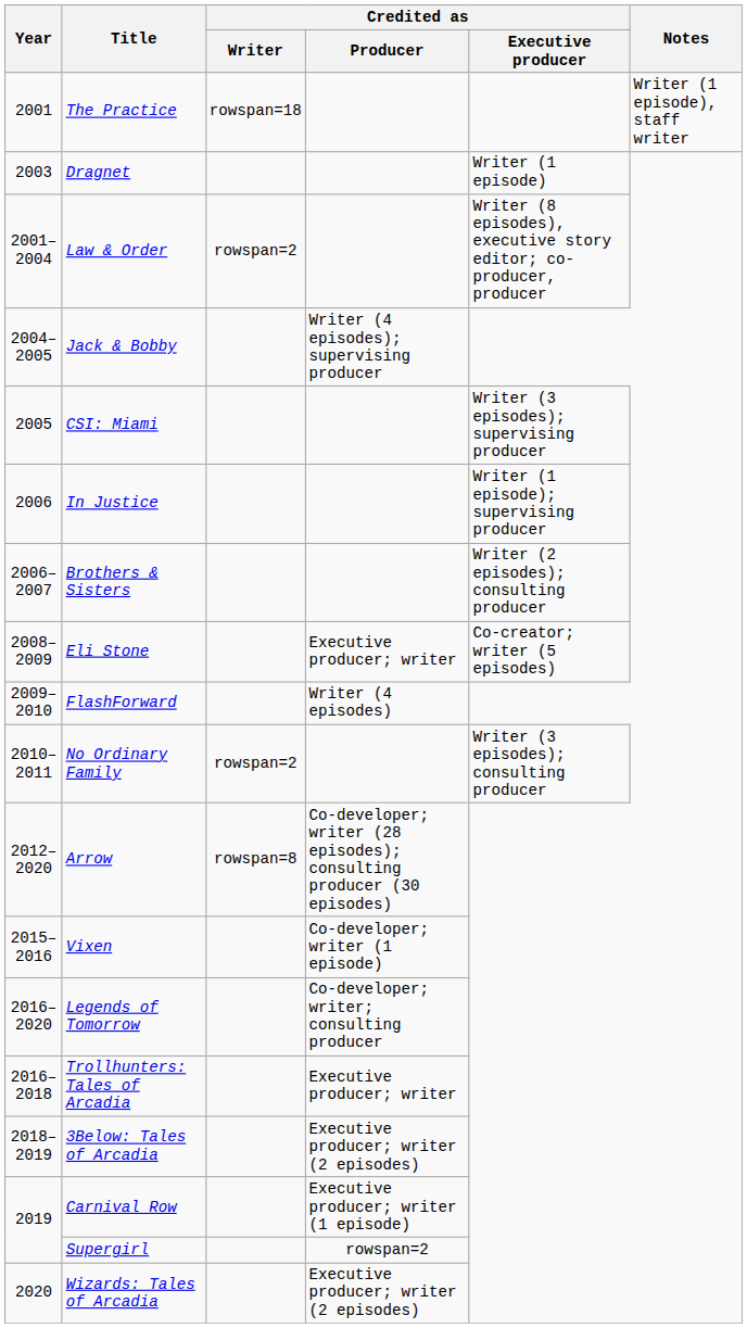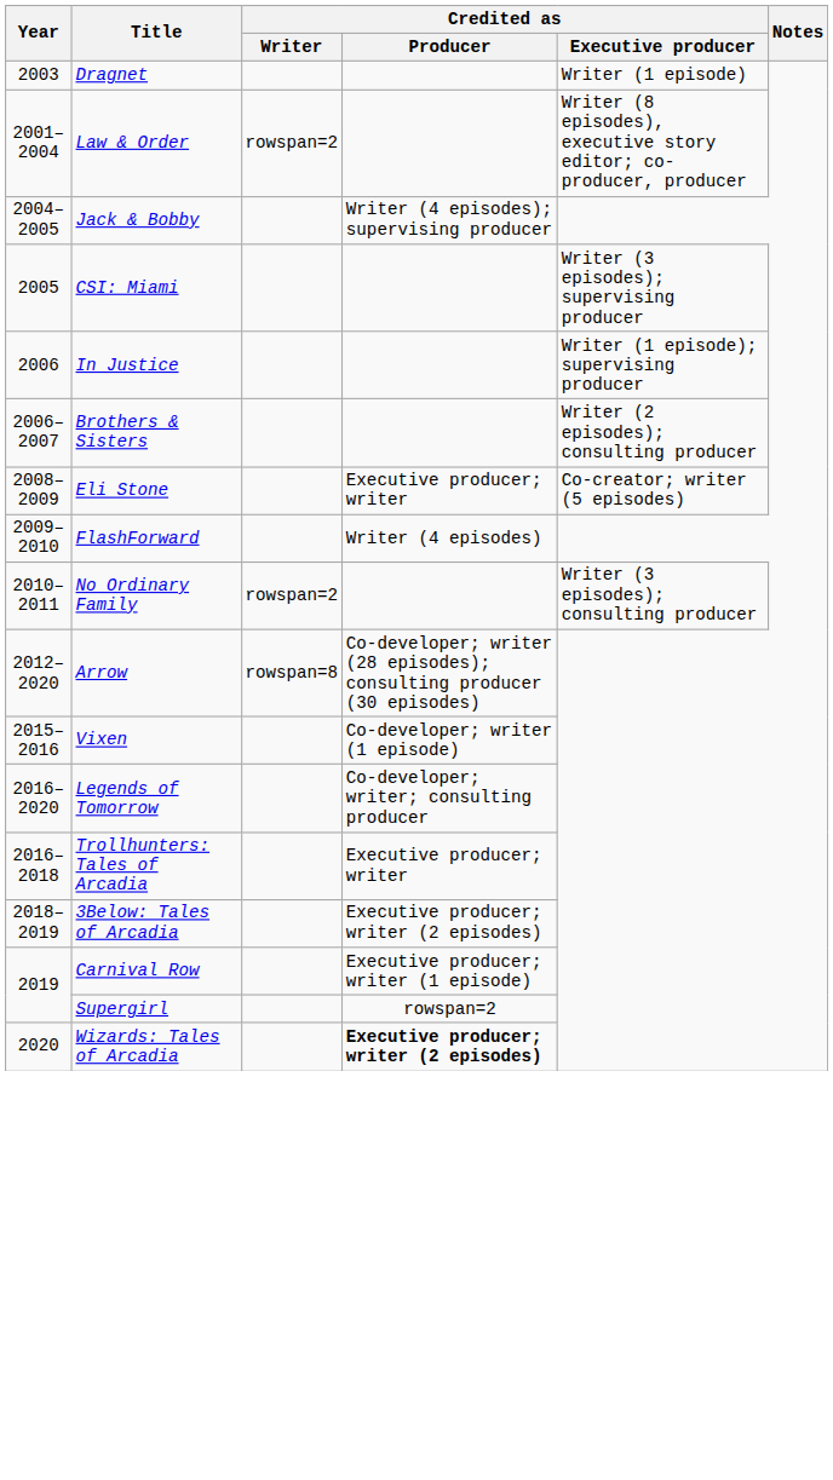 <table class="wikitable" style="text-align:center; margin-right:auto; margin-right:auto">
 <tr>
 <th scope="col" rowspan=2>Year</th>
 <th scope="col" rowspan=2>Title</th>
 <th scope="col" colspan=3>Credited as</th>
 <th scope="col" rowspan=2>Notes</th>
 </tr>
 <tr>
 <th scope="col">Writer</th>
 <th scope="col">Producer</th>
 <th scope="col">Executive producer</th>
-</tr>
-<tr>
-<td>2001</td>
-<td align=left><em><a href='#'>The Practice</a></em></td>
-<td>rowspan=18 </td>
-<td></td>
-<td></td>
-<td align=left>Writer (1 episode), staff writer</td>
 </tr>
 <tr>
 <td>2003</td>
 <td align=left><em><a href='#'>Dragnet</a></em></td>
 <td></td>
 <td></td>
 <td align=left>Writer (1 episode)</td>
 </tr>
 <tr>
 <td>2001–2004</td>
 <td align=left><em><a href='#'>Law & Order</a></em></td>
 <td>rowspan=2 </td>
 <td></td>
 <td align=left>Writer (8 episodes), executive story editor; co-producer, producer</td>
 </tr>
 <tr>
 <td>2004–2005</td>
 <td align=left><em><a href='#'>Jack & Bobby</a></em></td>
 <td></td>
 <td align=left>Writer (4 episodes); supervising producer</td>
 </tr>
 <tr>
 <td>2005</td>
 <td align=left><em><a href='#'>CSI: Miami</a></em></td>
 <td></td>
 <td></td>
 <td align=left>Writer (3 episodes); supervising producer</td>
 </tr>
 <tr>
 <td>2006</td>
 <td align=left><em><a href='#'>In Justice</a></em></td>
 <td></td>
 <td></td>
 <td align=left>Writer (1 episode); supervising producer</td>
 </tr>
 <tr>
 <td>2006–2007</td>
 <td align=left><em><a href='#'>Brothers & Sisters</a></em></td>
 <td></td>
 <td></td>
 <td align=left>Writer (2 episodes); consulting producer</td>
 </tr>
 <tr>
 <td>2008–2009</td>
 <td align=left><em><a href='#'>Eli Stone</a></em></td>
 <td></td>
 <td align=left>Executive producer; writer</td>
 <td align=left>Co-creator; writer (5 episodes)</td>
 </tr>
 <tr>
 <td>2009–2010</td>
 <td align=left><em><a href='#'>FlashForward</a></em></td>
 <td></td>
 <td align=left>Writer (4 episodes)</td>
 </tr>
 <tr>
 <td>2010–2011</td>
 <td align=left><em><a href='#'>No Ordinary Family</a></em></td>
 <td>rowspan=2  </td>
 <td></td>
 <td align=left>Writer (3 episodes); consulting producer</td>
 </tr>
 <tr>
 <td>2012–2020</td>
 <td align=left><em><a href='#'>Arrow</a></em></td>
 <td>rowspan=8  </td>
 <td align=left>Co-developer; writer (28 episodes); consulting producer (30 episodes)</td>
 </tr>
 <tr>
 <td>2015–2016</td>
 <td align=left><em><a href='#'>Vixen</a></em></td>
 <td></td>
 <td align=left>Co-developer; writer (1 episode)</td>
 </tr>
 <tr>
 <td>2016–2020</td>
 <td align=left><em><a href='#'>Legends of Tomorrow</a></em></td>
 <td></td>
 <td align=left>Co-developer; writer; consulting producer</td>
 </tr>
 <tr>
 <td>2016–2018</td>
 <td align=left><em><a href='#'>Trollhunters: Tales of Arcadia</a></em></td>
 <td></td>
 <td align=left>Executive producer; writer</td>
 </tr>
 <tr>
 <td>2018–2019</td>
 <td align=left><em><a href='#'>3Below: Tales of Arcadia</a></em></td>
 <td></td>
 <td align=left>Executive producer; writer (2 episodes)</td>
 </tr>
 <tr>
 <td rowspan=2>2019</td>
 <td align=left><em><a href='#'>Carnival Row</a></em></td>
 <td></td>
 <td align=left>Executive producer; writer (1 episode)</td>
 </tr>
 <tr>
 <td align=left><em><a href='#'>Supergirl</a></em></td>
 <td></td>
 <td>rowspan=2 </td>
 </tr>
 <tr>
 <td>2020</td>
 <td align=left><em><a href='#'>Wizards: Tales of Arcadia</a></em></td>
 <td></td>
-<td align=left>Executive producer; writer (2 episodes)</td>
+<td align=left><strong>Executive producer; writer (2 episodes)</strong></td>
 </tr>
 </table>
